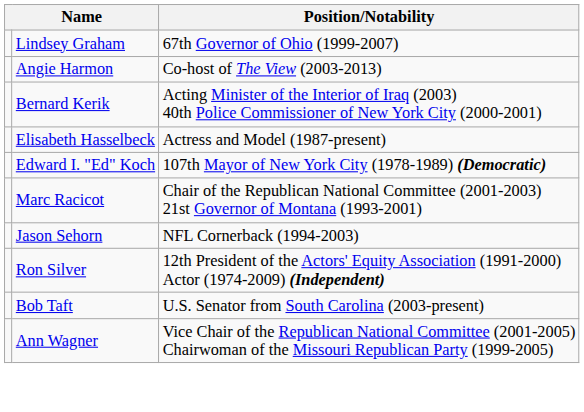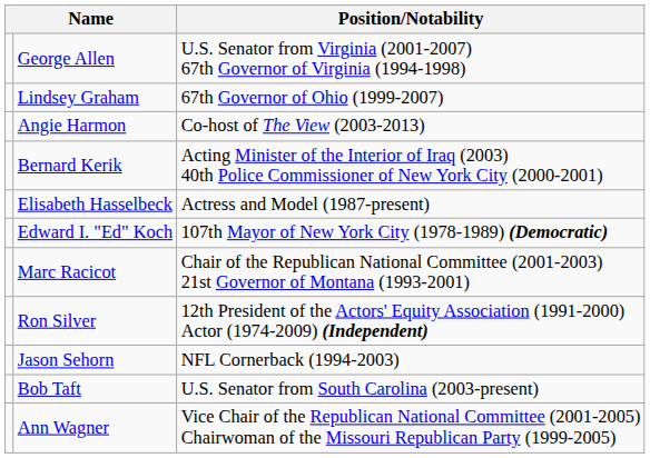 <table class="wikitable">
 <tr>
 <th colspan="2">Name</th>
 <th>Position/Notability</th>
+</tr>
+<tr>
+<td></td>
+<td><a href='#'>George Allen</a></td>
+<td>U.S. Senator from <a href='#'>Virginia</a> (2001-2007)<br>67th <a href='#'>Governor of Virginia</a> (1994-1998)</td>
 </tr>
 <tr>
 <td></td>
 <td><a href='#'>Lindsey Graham</a></td>
 <td>67th <a href='#'>Governor of Ohio</a> (1999-2007)</td>
 </tr>
 <tr>
 <td></td>
 <td><a href='#'>Angie Harmon</a></td>
 <td>Co-host of <em><a href='#'>The View</a></em> (2003-2013)</td>
 </tr>
 <tr>
 <td></td>
 <td><a href='#'>Bernard Kerik</a></td>
 <td>Acting <a href='#'>Minister of the Interior of Iraq</a> (2003)<br>40th <a href='#'>Police Commissioner of New York City</a> (2000-2001)</td>
 </tr>
 <tr>
 <td></td>
 <td><a href='#'>Elisabeth Hasselbeck</a></td>
 <td>Actress and Model (1987-present)</td>
 </tr>
 <tr>
 <td></td>
 <td><a href='#'>Edward I. "Ed" Koch</a></td>
 <td>107th <a href='#'>Mayor of New York City</a> (1978-1989) <strong><em>(Democratic)</em></strong></td>
 </tr>
 <tr>
 <td></td>
 <td><a href='#'>Marc Racicot</a></td>
 <td>Chair of the Republican National Committee (2001-2003)<br>21st <a href='#'>Governor of Montana</a> (1993-2001)</td>
 </tr>
 <tr>
 <td></td>
-<td><a href='#'>Jason Sehorn</a></td>
-<td>NFL Cornerback (1994-2003)</td>
+<td><a href='#'>Ron Silver</a></td>
+<td>12th President of the <a href='#'>Actors' Equity Association</a> (1991-2000)<br>Actor (1974-2009) <strong><em>(Independent)</em></strong></td>
 </tr>
 <tr>
 <td></td>
-<td><a href='#'>Ron Silver</a></td>
-<td>12th President of the <a href='#'>Actors' Equity Association</a> (1991-2000)<br>Actor (1974-2009) <strong><em>(Independent)</em></strong></td>
+<td><a href='#'>Jason Sehorn</a></td>
+<td>NFL Cornerback (1994-2003)</td>
 </tr>
 <tr>
 <td></td>
 <td><a href='#'>Bob Taft</a></td>
 <td>U.S. Senator from <a href='#'>South Carolina</a> (2003-present)</td>
 </tr>
 <tr>
 <td></td>
 <td><a href='#'>Ann Wagner</a></td>
 <td>Vice Chair of the <a href='#'>Republican National Committee</a> (2001-2005)<br>Chairwoman of the <a href='#'>Missouri Republican Party</a> (1999-2005)</td>
 </tr>
 </table>
